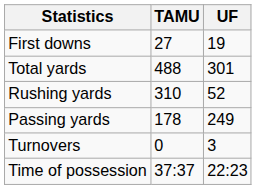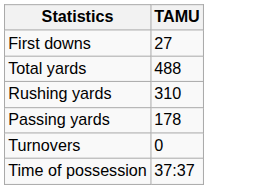 <table class="wikitable" style="float: left;">
 <tr>
 <th>Statistics</th>
 <th>TAMU</th>
-<th>UF</th>
 </tr>
 <tr>
 <td>First downs</td>
 <td>27</td>
-<td>19</td>
 </tr>
 <tr>
 <td>Total yards</td>
 <td>488</td>
-<td>301</td>
 </tr>
 <tr>
 <td>Rushing yards</td>
 <td>310</td>
-<td>52</td>
 </tr>
 <tr>
 <td>Passing yards</td>
 <td>178</td>
-<td>249</td>
 </tr>
 <tr>
 <td>Turnovers</td>
 <td>0</td>
-<td>3</td>
 </tr>
 <tr>
 <td>Time of possession</td>
 <td>37:37</td>
-<td>22:23</td>
 </tr>
 </table>
